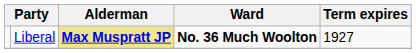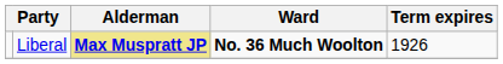 <table class="wikitable">
 <tr>
 <th colspan="2">Party</th>
 <th>Alderman</th>
 <th>Ward</th>
 <th>Term expires</th>
 </tr>
 <tr>
 <td style="background-color:"></td>
 <td><a href='#'>Liberal</a></td>
 <td style="background: khaki;"><strong><a href='#'>Max Muspratt JP</a></strong></td>
 <td><strong>No. 36 Much Woolton</strong></td>
-<td>1927</td>
+<td>1926</td>
 </tr>
 <tr>
 </tr>
 </table>
